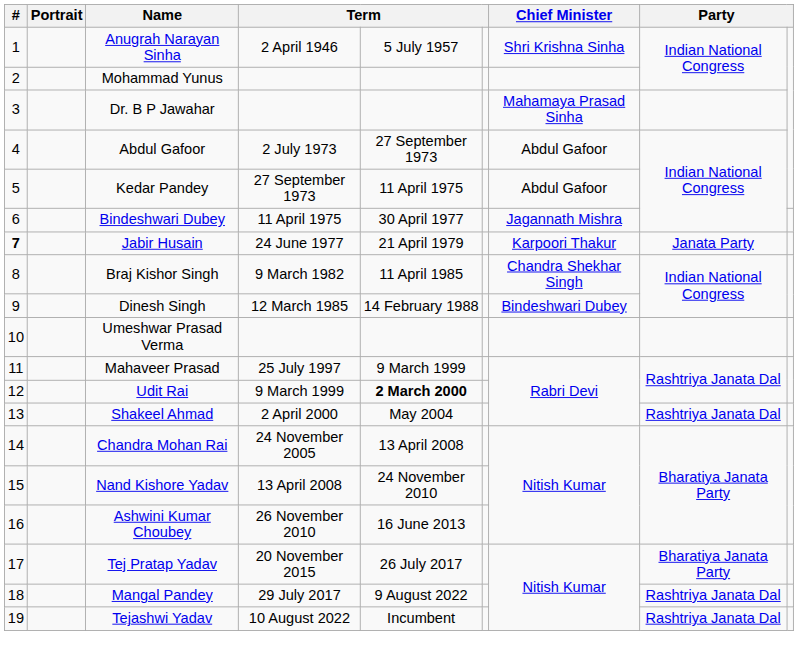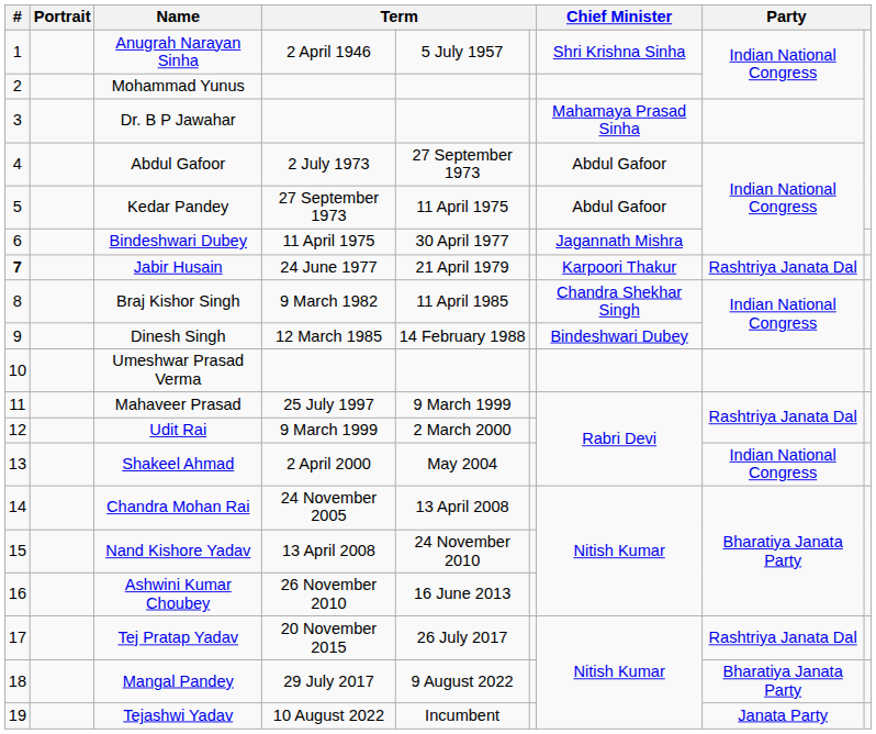 <table class="wikitable" style="text-align:center">
 <tr>
 <th>#</th>
 <th>Portrait</th>
 <th>Name</th>
 <th colspan="3">Term</th>
 <th><a href='#'>Chief Minister</a></th>
 <th colspan="2">Party</th>
 </tr>
 <tr>
 <td>1</td>
 <td></td>
 <td><a href='#'>Anugrah Narayan Sinha</a></td>
 <td>2 April 1946</td>
 <td>5 July 1957</td>
 <td></td>
 <td><a href='#'>Shri Krishna Sinha</a></td>
 <td rowspan="2"><a href='#'>Indian National Congress</a></td>
 <td rowspan="5" style="background-color:"></td>
 </tr>
 <tr>
 <td>2</td>
 <td></td>
 <td>Mohammad Yunus</td>
 <td></td>
 <td></td>
 <td></td>
 <td></td>
 </tr>
 <tr>
 <td>3</td>
 <td></td>
 <td>Dr. B P Jawahar</td>
 <td></td>
 <td></td>
 <td></td>
 <td><a href='#'>Mahamaya Prasad Sinha</a></td>
 <td></td>
 </tr>
 <tr>
 <td>4</td>
 <td></td>
 <td>Abdul Gafoor</td>
 <td>2 July 1973</td>
 <td>27 September 1973</td>
 <td></td>
 <td>Abdul Gafoor</td>
 <td rowspan="3"><a href='#'>Indian National Congress</a></td>
 </tr>
 <tr>
 <td>5</td>
 <td></td>
 <td>Kedar Pandey</td>
 <td>27 September 1973</td>
 <td>11 April 1975</td>
 <td></td>
 <td>Abdul Gafoor</td>
 </tr>
 <tr>
 <td>6</td>
 <td></td>
 <td><a href='#'>Bindeshwari Dubey</a></td>
 <td>11 April 1975</td>
 <td>30 April 1977</td>
 <td></td>
 <td><a href='#'>Jagannath Mishra</a></td>
 </tr>
 <tr>
 <td><strong>7</strong></td>
 <td></td>
 <td><a href='#'>Jabir Husain</a></td>
 <td>24 June 1977</td>
 <td>21 April 1979</td>
 <td></td>
 <td><a href='#'>Karpoori Thakur</a></td>
-<td><a href='#'>Janata Party</a></td>
+<td><a href='#'>Rashtriya Janata Dal</a></td>
 <td style="background-color:"></td>
 </tr>
 <tr>
 <td>8</td>
 <td></td>
 <td>Braj Kishor Singh</td>
 <td>9 March 1982</td>
 <td>11 April 1985</td>
 <td></td>
 <td><a href='#'>Chandra Shekhar Singh</a></td>
 <td rowspan="2"><a href='#'>Indian National Congress</a></td>
 <td rowspan="2" style="background-color:"></td>
 </tr>
 <tr>
 <td>9</td>
 <td></td>
 <td>Dinesh Singh</td>
 <td>12 March 1985</td>
 <td>14 February 1988</td>
 <td></td>
 <td><a href='#'>Bindeshwari Dubey</a></td>
 </tr>
 <tr>
 <td>10</td>
 <td></td>
 <td>Umeshwar Prasad Verma</td>
 <td></td>
 <td></td>
 <td></td>
 <td></td>
 <td></td>
 <td></td>
 </tr>
 <tr>
 <td>11</td>
 <td></td>
 <td>Mahaveer Prasad</td>
 <td>25 July 1997</td>
 <td>9 March 1999</td>
 <td></td>
 <td rowspan="3"><a href='#'>Rabri Devi</a></td>
 <td rowspan="2"><a href='#'>Rashtriya Janata Dal</a></td>
 <td rowspan="2" style="background-color:"></td>
 </tr>
 <tr>
 <td>12</td>
 <td></td>
 <td><a href='#'>Udit Rai</a></td>
 <td>9 March 1999</td>
-<td><strong>2 March 2000</strong></td>
+<td>2 March 2000</td>
 <td></td>
 </tr>
 <tr>
 <td>13</td>
 <td></td>
 <td><a href='#'>Shakeel Ahmad</a></td>
 <td>2 April 2000</td>
 <td>May 2004</td>
 <td></td>
-<td><a href='#'>Rashtriya Janata Dal</a></td>
+<td><a href='#'>Indian National Congress</a></td>
 <td style="background-color:"></td>
 </tr>
 <tr>
 <td>14</td>
 <td></td>
 <td><a href='#'>Chandra Mohan Rai</a></td>
 <td>24 November 2005</td>
 <td>13 April 2008</td>
 <td></td>
 <td rowspan="3"><a href='#'>Nitish Kumar</a></td>
 <td rowspan="3"><a href='#'>Bharatiya Janata Party</a></td>
 <td rowspan="3" style="background-color:"></td>
 </tr>
 <tr>
 <td>15</td>
 <td></td>
 <td><a href='#'>Nand Kishore Yadav</a></td>
 <td>13 April 2008</td>
 <td>24 November 2010</td>
 <td></td>
 </tr>
 <tr>
 <td>16</td>
 <td></td>
 <td><a href='#'>Ashwini Kumar Choubey</a></td>
 <td>26 November 2010</td>
 <td>16 June 2013</td>
 <td></td>
 </tr>
 <tr>
 <td>17</td>
 <td></td>
 <td><a href='#'>Tej Pratap Yadav</a></td>
 <td>20 November 2015</td>
 <td>26 July 2017</td>
 <td></td>
 <td rowspan="3"><a href='#'>Nitish Kumar</a></td>
-<td><a href='#'>Bharatiya Janata Party</a></td>
+<td><a href='#'>Rashtriya Janata Dal</a></td>
 <td style="background-color:"></td>
 </tr>
 <tr>
 <td>18</td>
 <td></td>
 <td><a href='#'>Mangal Pandey</a></td>
 <td>29 July 2017</td>
 <td>9 August 2022</td>
 <td></td>
-<td><a href='#'>Rashtriya Janata Dal</a></td>
+<td><a href='#'>Bharatiya Janata Party</a></td>
 <td style="background-color:"></td>
 </tr>
 <tr>
 <td>19</td>
 <td></td>
 <td><a href='#'>Tejashwi Yadav</a></td>
 <td>10 August 2022</td>
 <td>Incumbent</td>
 <td></td>
-<td><a href='#'>Rashtriya Janata Dal</a></td>
+<td><a href='#'>Janata Party</a></td>
 <td style="background-color:"></td>
 </tr>
 </table>
